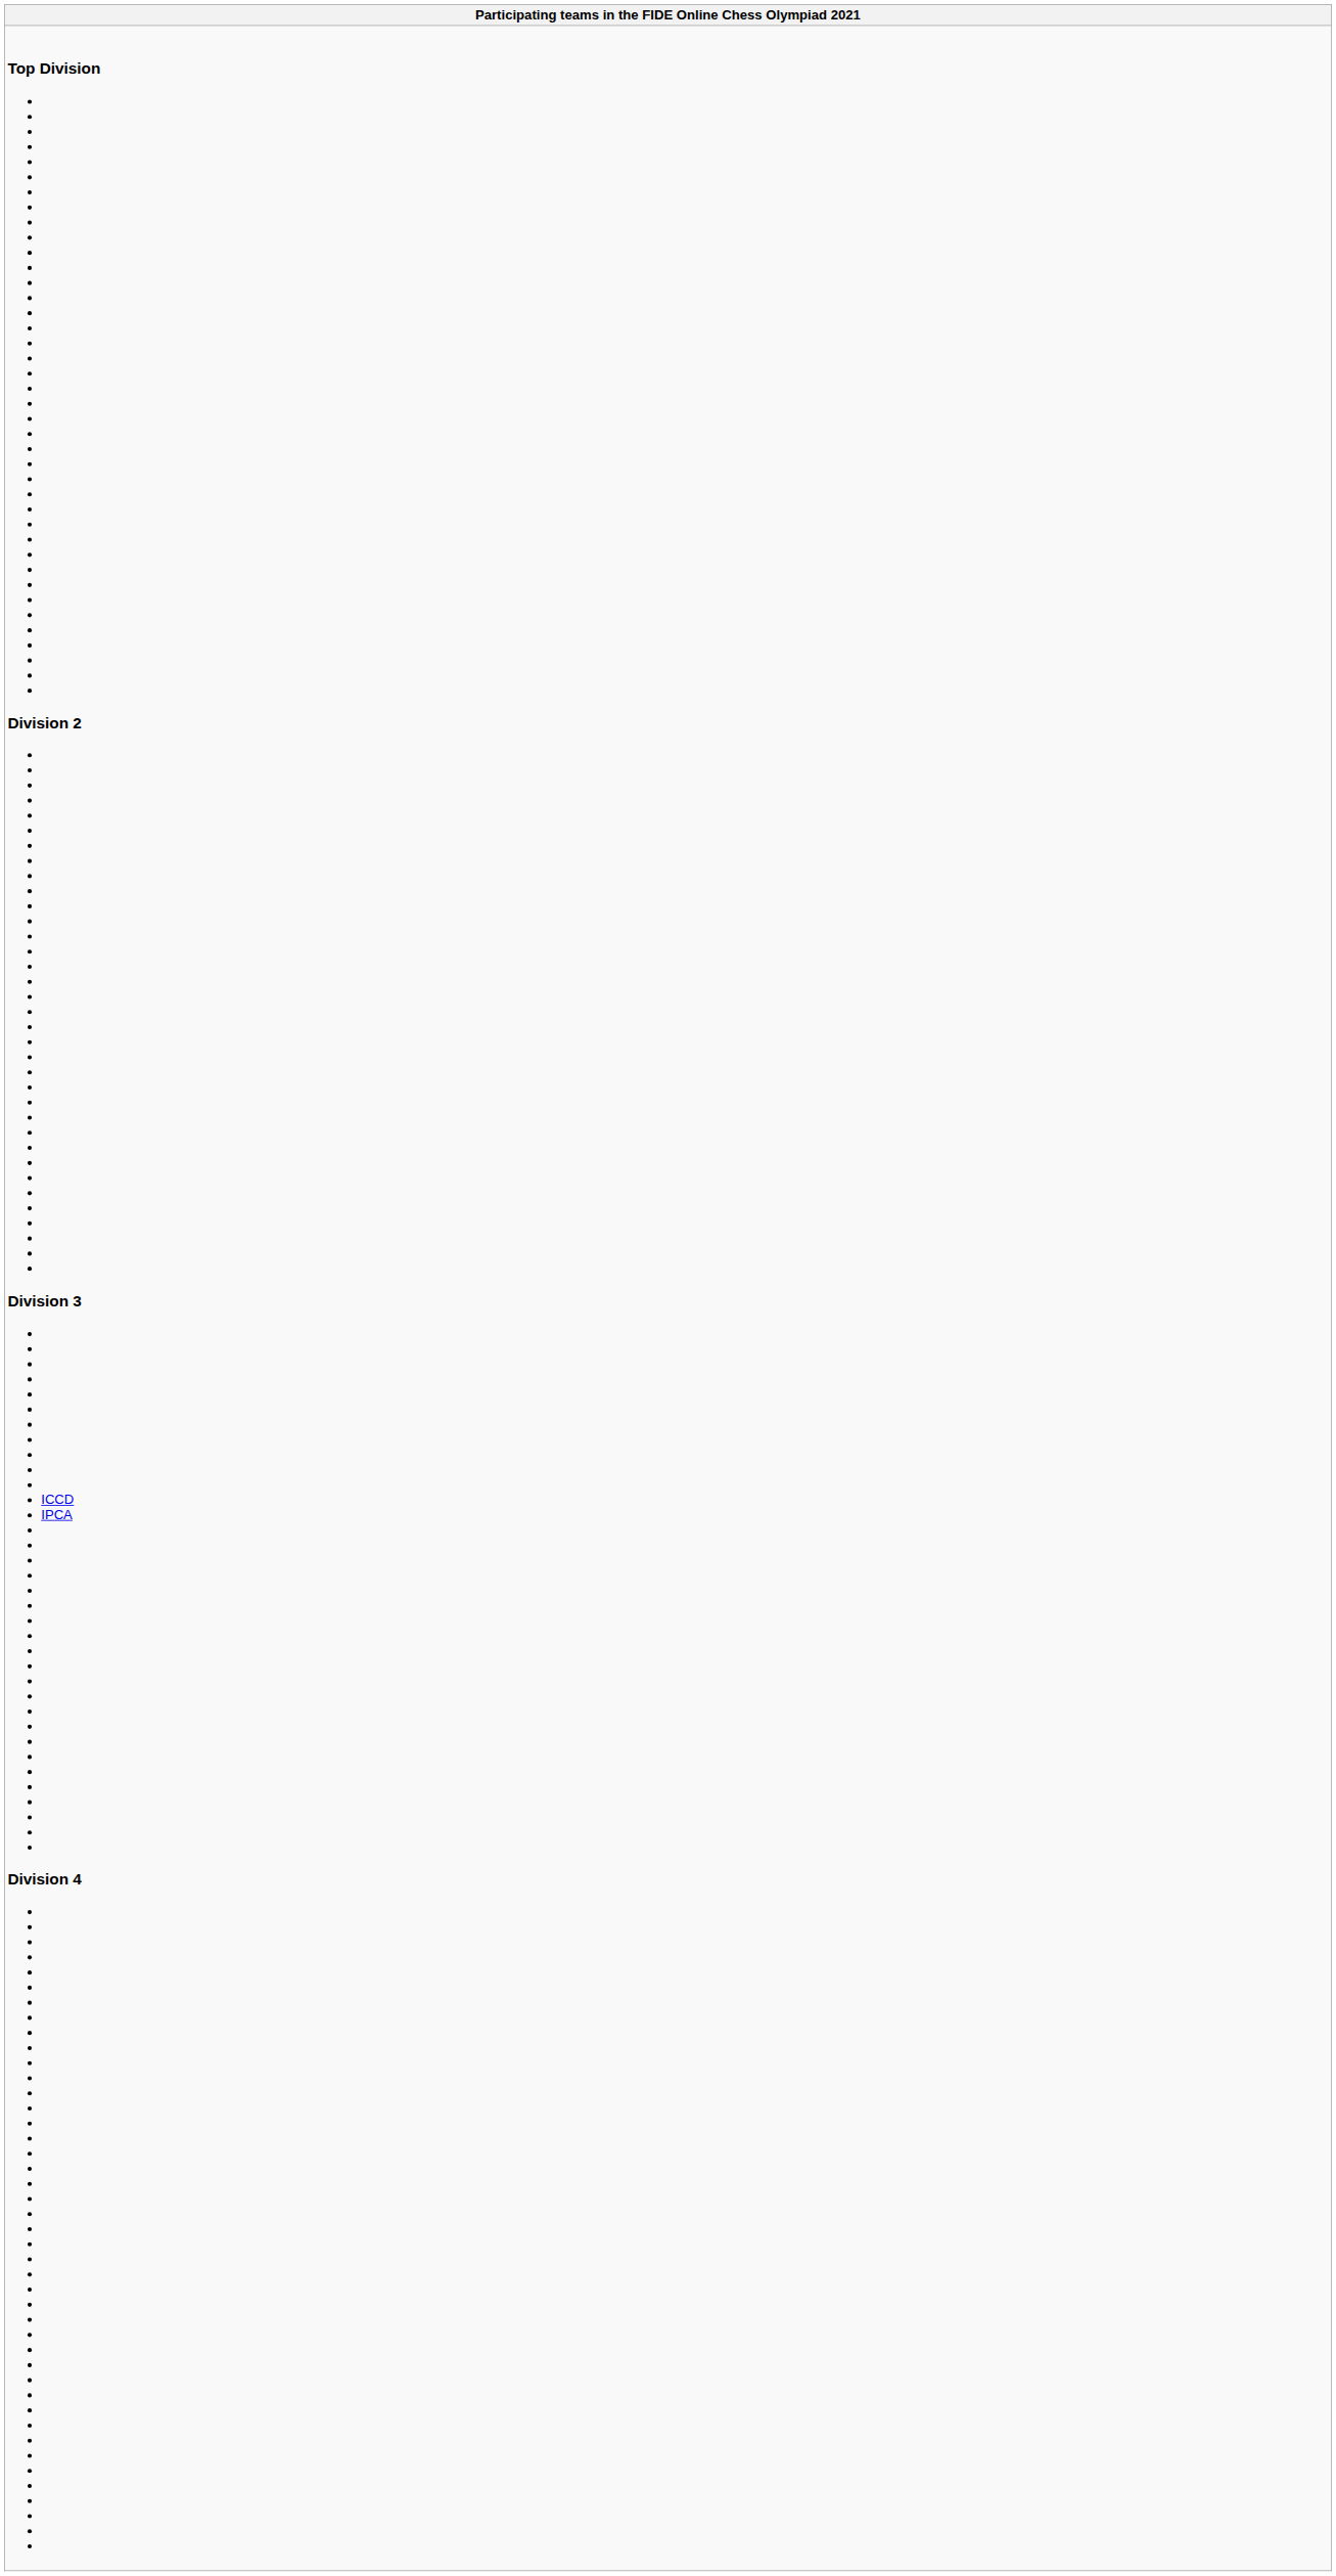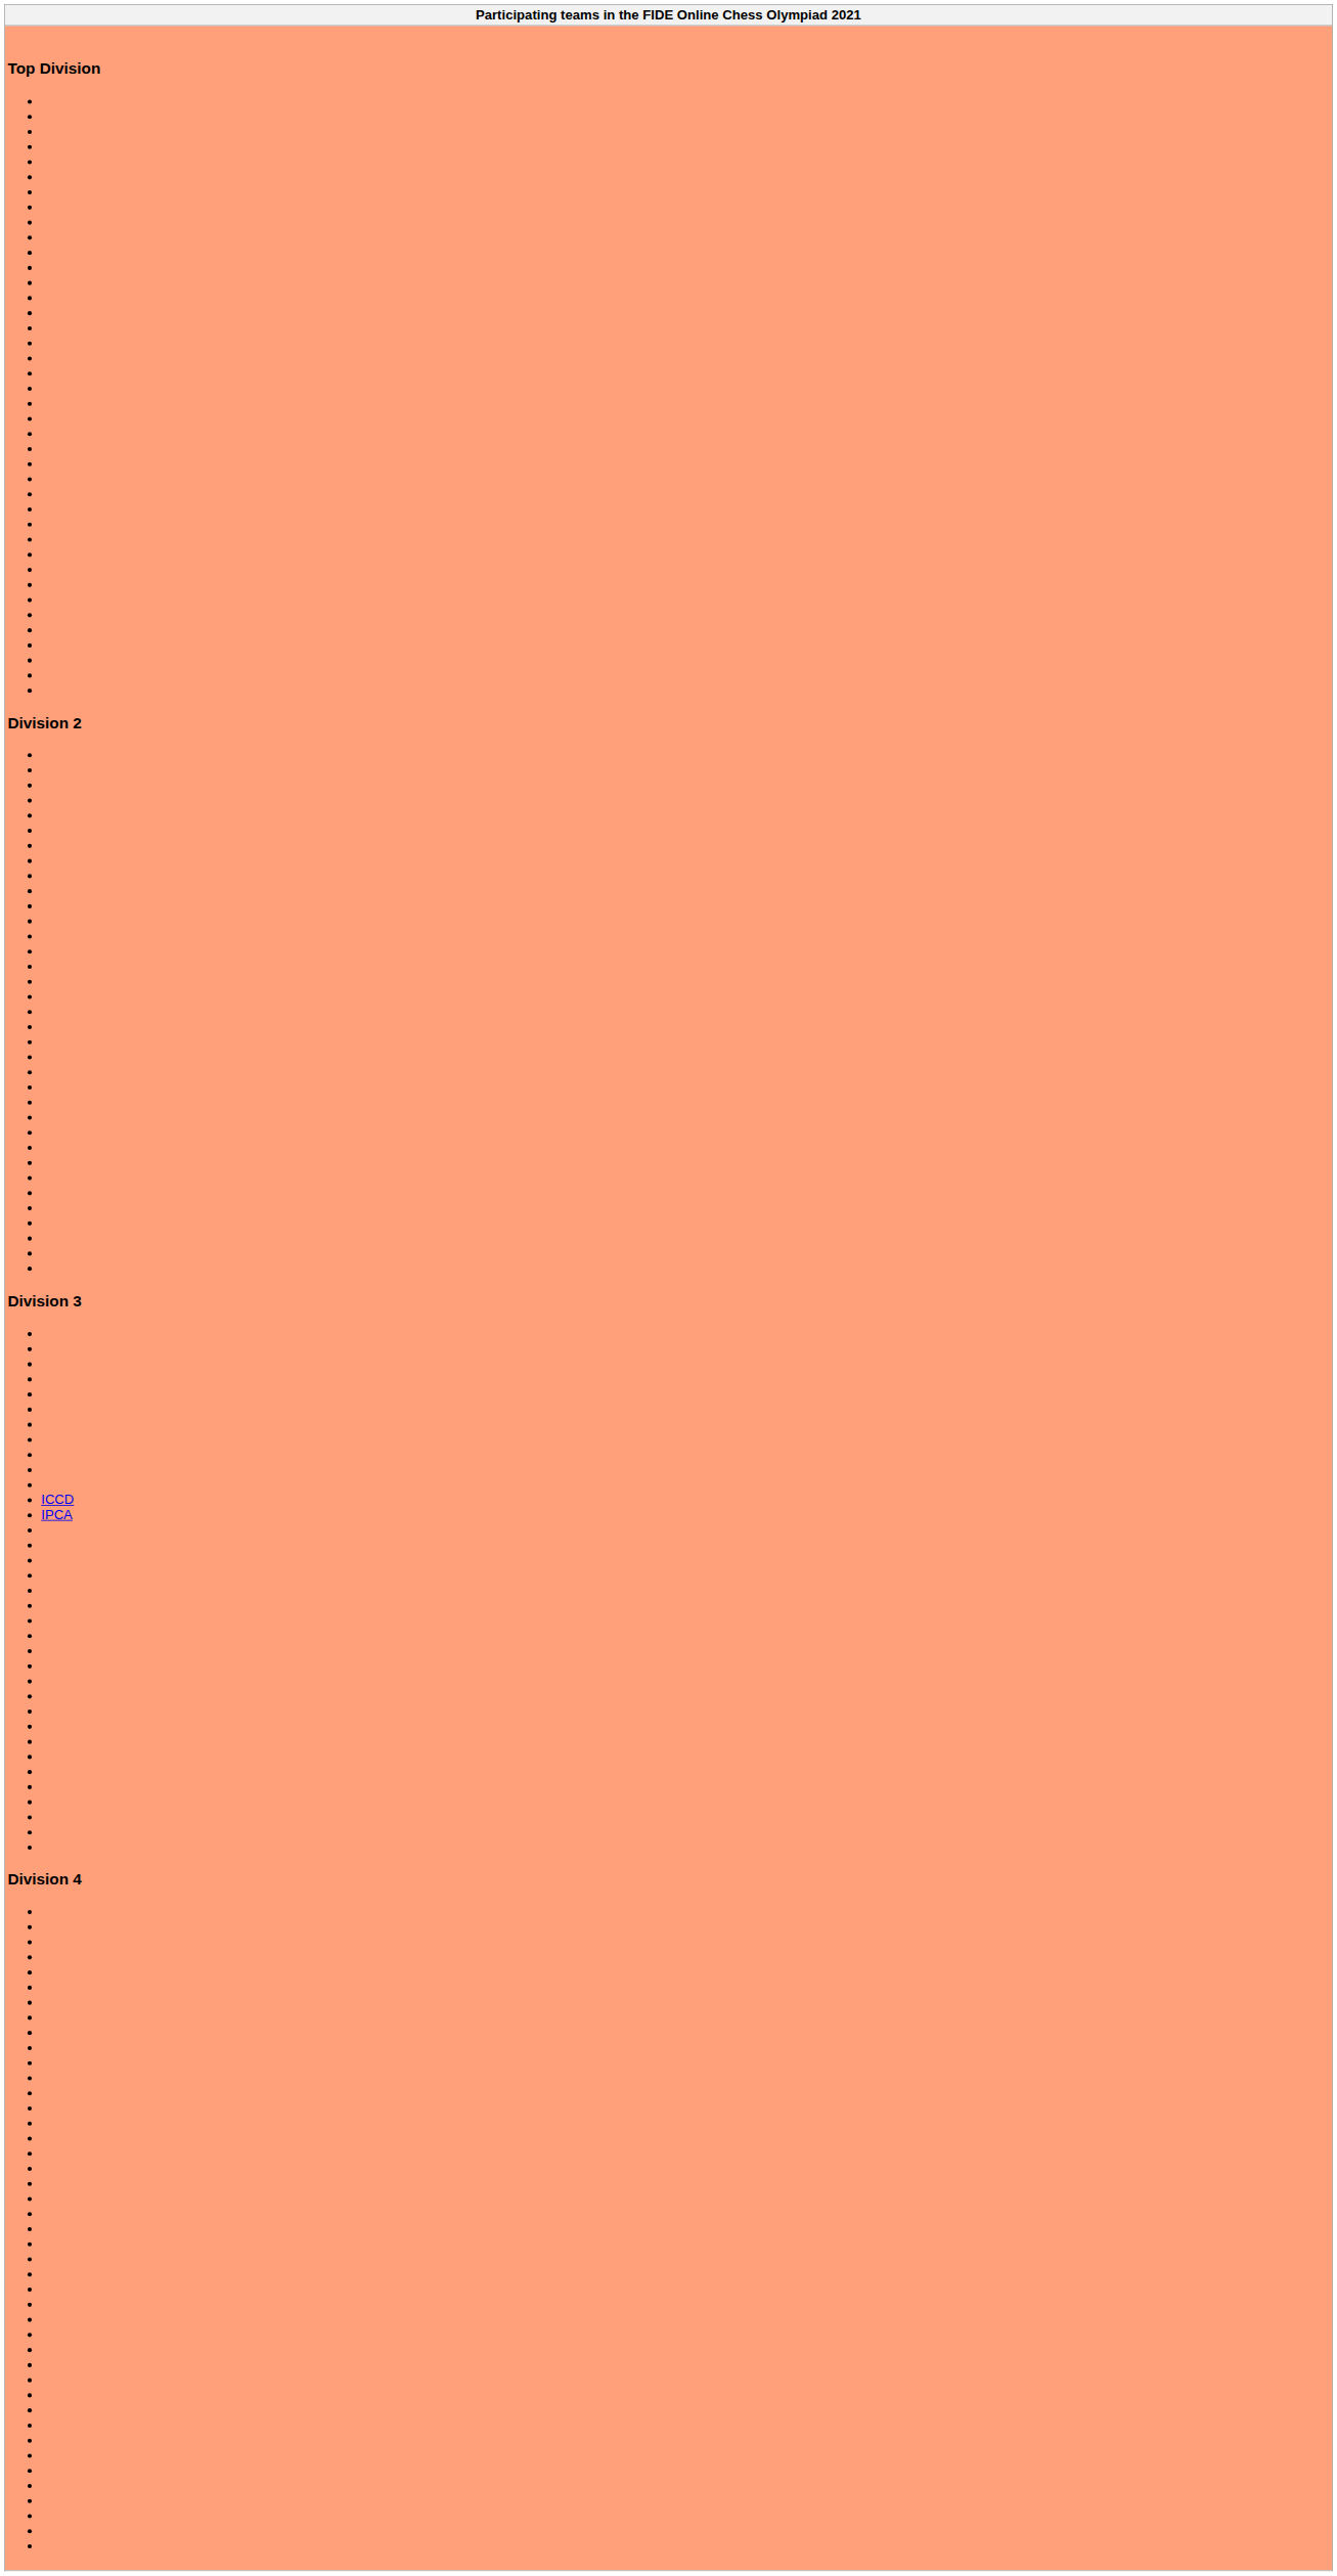 <table class="wikitable collapsible" style="width:100%;">
 <tr>
 <th>Participating teams in the FIDE Online Chess Olympiad 2021</th>
 </tr>
 <tr>
-<td><br><h3>Top Division</h3><ul><li></li><li></li><li></li><li></li><li></li><li></li><li></li><li></li><li></li><li></li><li></li><li></li><li></li><li></li><li></li><li></li><li></li><li></li><li></li><li></li><li></li><li></li><li></li><li></li><li></li><li></li><li></li><li></li><li></li><li></li><li></li><li></li><li></li><li></li><li></li><li></li><li></li><li></li><li></li><li></li></ul><h3>Division 2</h3><ul><li></li><li></li><li></li><li></li><li></li><li></li><li></li><li></li><li></li><li></li><li></li><li></li><li></li><li></li><li></li><li></li><li></li><li></li><li></li><li></li><li></li><li></li><li></li><li></li><li></li><li></li><li></li><li></li><li></li><li></li><li></li><li></li><li></li><li></li><li></li></ul><h3>Division 3</h3><ul><li></li><li></li><li></li><li></li><li></li><li></li><li></li><li></li><li></li><li></li><li></li><li><a href='#'>ICCD</a></li><li><a href='#'>IPCA</a></li><li></li><li></li><li></li><li></li><li></li><li></li><li></li><li></li><li></li><li></li><li></li><li></li><li></li><li></li><li></li><li></li><li></li><li></li><li></li><li></li><li></li><li></li></ul><h3>Division 4</h3><ul><li></li><li></li><li></li><li></li><li></li><li></li><li></li><li></li><li></li><li></li><li></li><li></li><li></li><li></li><li></li><li></li><li></li><li></li><li></li><li></li><li></li><li></li><li></li><li></li><li></li><li></li><li></li><li></li><li></li><li></li><li></li><li></li><li></li><li></li><li></li><li></li><li></li><li></li><li></li><li></li><li></li><li></li><li></li></ul></td>
+<td style="background: lightsalmon;"><br><h3>Top Division</h3><ul><li></li><li></li><li></li><li></li><li></li><li></li><li></li><li></li><li></li><li></li><li></li><li></li><li></li><li></li><li></li><li></li><li></li><li></li><li></li><li></li><li></li><li></li><li></li><li></li><li></li><li></li><li></li><li></li><li></li><li></li><li></li><li></li><li></li><li></li><li></li><li></li><li></li><li></li><li></li><li></li></ul><h3>Division 2</h3><ul><li></li><li></li><li></li><li></li><li></li><li></li><li></li><li></li><li></li><li></li><li></li><li></li><li></li><li></li><li></li><li></li><li></li><li></li><li></li><li></li><li></li><li></li><li></li><li></li><li></li><li></li><li></li><li></li><li></li><li></li><li></li><li></li><li></li><li></li><li></li></ul><h3>Division 3</h3><ul><li></li><li></li><li></li><li></li><li></li><li></li><li></li><li></li><li></li><li></li><li></li><li><a href='#'>ICCD</a></li><li><a href='#'>IPCA</a></li><li></li><li></li><li></li><li></li><li></li><li></li><li></li><li></li><li></li><li></li><li></li><li></li><li></li><li></li><li></li><li></li><li></li><li></li><li></li><li></li><li></li><li></li></ul><h3>Division 4</h3><ul><li></li><li></li><li></li><li></li><li></li><li></li><li></li><li></li><li></li><li></li><li></li><li></li><li></li><li></li><li></li><li></li><li></li><li></li><li></li><li></li><li></li><li></li><li></li><li></li><li></li><li></li><li></li><li></li><li></li><li></li><li></li><li></li><li></li><li></li><li></li><li></li><li></li><li></li><li></li><li></li><li></li><li></li><li></li></ul></td>
 </tr>
 </table>
